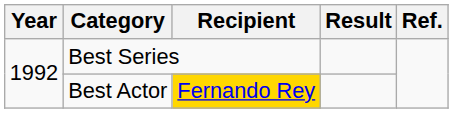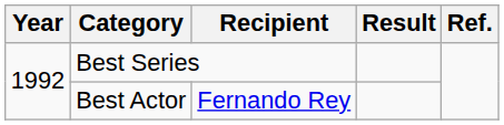 <table class = "wikitable sortable">
 <tr>
 <th>Year</th>
 <th>Category</th>
 <th>Recipient</th>
 <th>Result</th>
 <th>Ref.</th>
 </tr>
 <tr>
 <td rowspan=2>1992</td>
 <td colspan=2>Best Series</td>
 <td></td>
 <td rowspan=2></td>
 </tr>
 <tr>
 <td>Best Actor</td>
-<td style="background: gold;"><a href='#'>Fernando Rey</a></td>
+<td><a href='#'>Fernando Rey</a></td>
 <td></td>
 </tr>
 </table>
